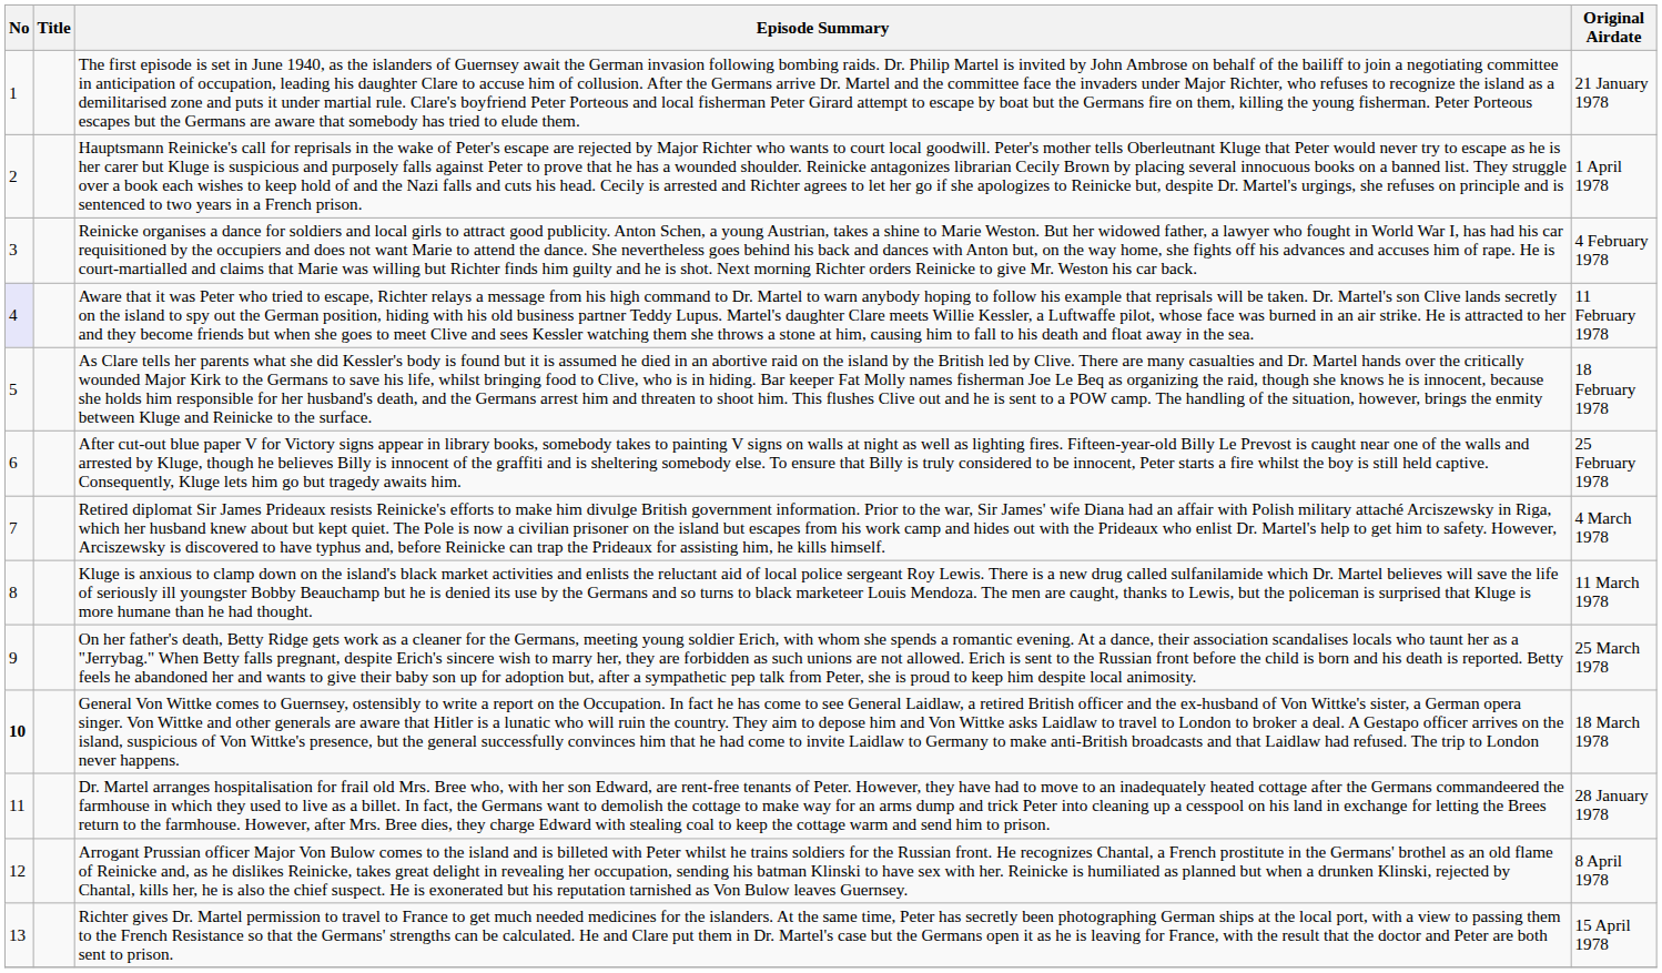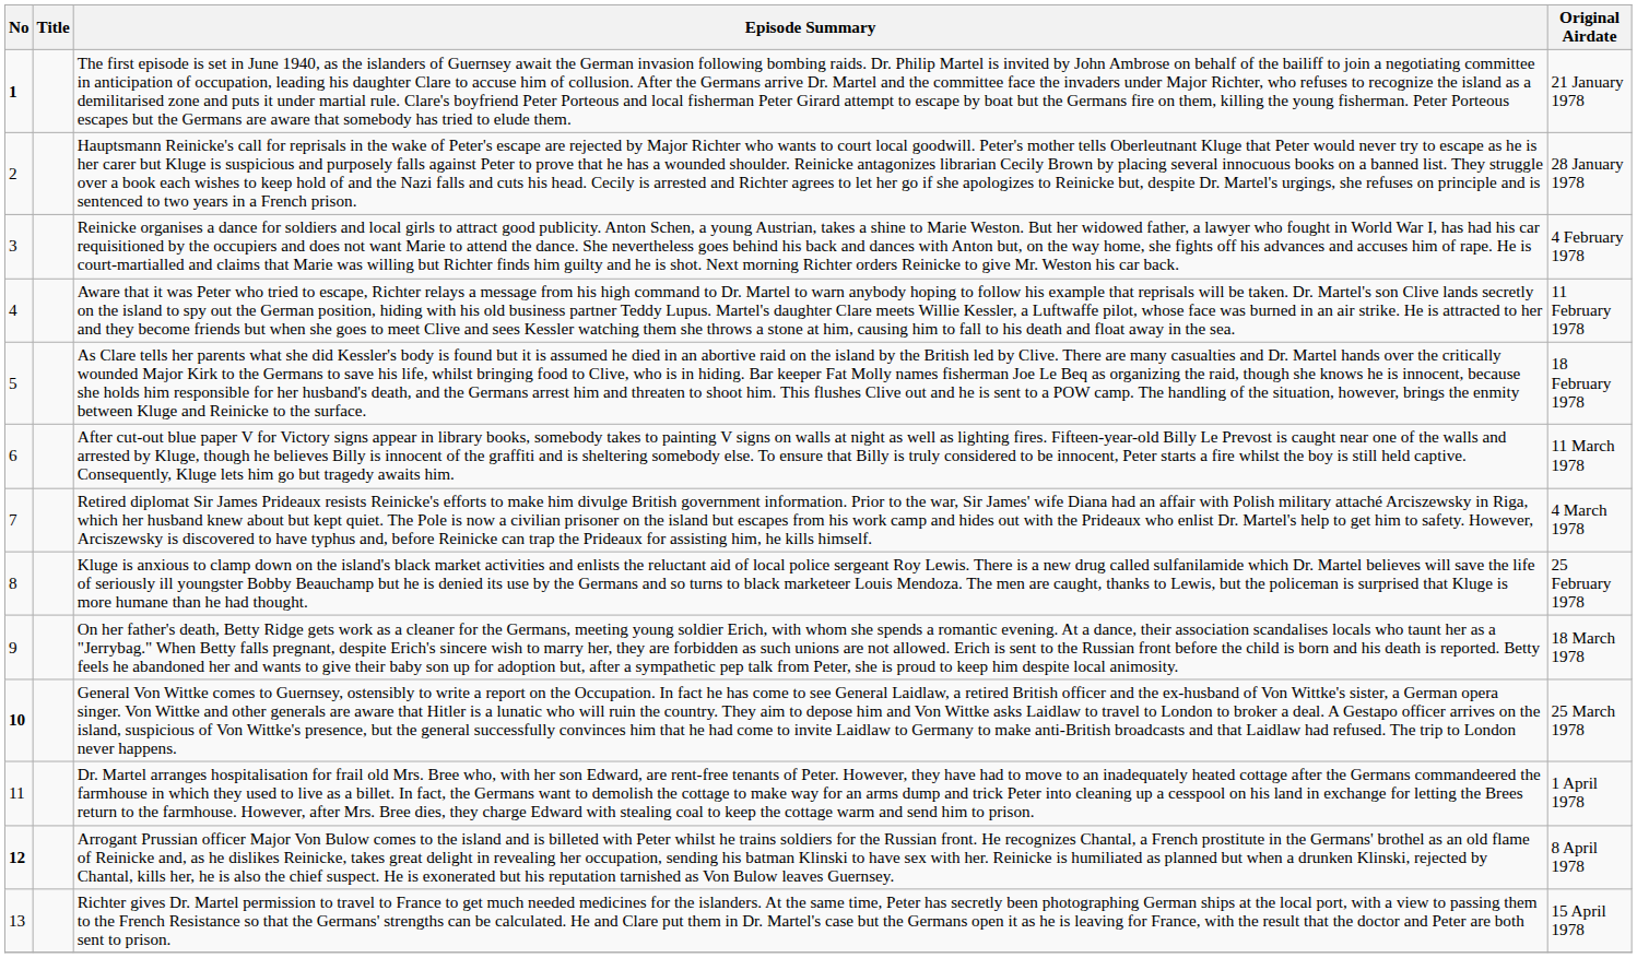 <table class="wikitable">
 <tr>
 <th>No</th>
 <th>Title</th>
 <th>Episode Summary</th>
 <th>Original Airdate</th>
 </tr>
 <tr>
-<td>1</td>
+<td><strong>1</strong></td>
 <td></td>
 <td>The first episode is set in June 1940, as the islanders of Guernsey await the German invasion following bombing raids. Dr. Philip Martel is invited by John Ambrose on behalf of the bailiff to join a negotiating committee in anticipation of occupation, leading his daughter Clare to accuse him of collusion. After the Germans arrive Dr. Martel and the committee face the invaders under Major Richter, who refuses to recognize the island as a demilitarised zone and puts it under martial rule. Clare's boyfriend Peter Porteous and local fisherman Peter Girard attempt to escape by boat but the Germans fire on them, killing the young fisherman. Peter Porteous escapes but the Germans are aware that somebody has tried to elude them.</td>
 <td>21 January 1978</td>
 </tr>
 <tr>
 <td>2</td>
 <td></td>
 <td>Hauptsmann Reinicke's call for reprisals in the wake of Peter's escape are rejected by Major Richter who wants to court local goodwill. Peter's mother tells Oberleutnant Kluge that Peter would never try to escape as he is her carer but Kluge is suspicious and purposely falls against Peter to prove that he has a wounded shoulder. Reinicke antagonizes librarian Cecily Brown by placing several innocuous books on a banned list. They struggle over a book each wishes to keep hold of and the Nazi falls and cuts his head. Cecily is arrested and Richter agrees to let her go if she apologizes to Reinicke but, despite Dr. Martel's urgings, she refuses on principle and is sentenced to two years in a French prison.</td>
-<td>1 April 1978</td>
+<td>28 January 1978</td>
 </tr>
 <tr>
 <td>3</td>
 <td></td>
 <td>Reinicke organises a dance for soldiers and local girls to attract good publicity. Anton Schen, a young Austrian, takes a shine to Marie Weston. But her widowed father, a lawyer who fought in World War I, has had his car requisitioned by the occupiers and does not want Marie to attend the dance. She nevertheless goes behind his back and dances with Anton but, on the way home, she fights off his advances and accuses him of rape. He is court-martialled and claims that Marie was willing but Richter finds him guilty and he is shot. Next morning Richter orders Reinicke to give Mr. Weston his car back.</td>
 <td>4 February 1978</td>
 </tr>
 <tr>
-<td style="background: lavender;">4</td>
+<td>4</td>
 <td></td>
 <td>Aware that it was Peter who tried to escape, Richter relays a message from his high command to Dr. Martel to warn anybody hoping to follow his example that reprisals will be taken. Dr. Martel's son Clive lands secretly on the island to spy out the German position, hiding with his old business partner Teddy Lupus. Martel's daughter Clare meets Willie Kessler, a Luftwaffe pilot, whose face was burned in an air strike. He is attracted to her and they become friends but when she goes to meet Clive and sees Kessler watching them she throws a stone at him, causing him to fall to his death and float away in the sea.</td>
 <td>11 February 1978</td>
 </tr>
 <tr>
 <td>5</td>
 <td></td>
 <td>As Clare tells her parents what she did Kessler's body is found but it is assumed he died in an abortive raid on the island by the British led by Clive. There are many casualties and Dr. Martel hands over the critically wounded Major Kirk to the Germans to save his life, whilst bringing food to Clive, who is in hiding. Bar keeper Fat Molly names fisherman Joe Le Beq as organizing the raid, though she knows he is innocent, because she holds him responsible for her husband's death, and the Germans arrest him and threaten to shoot him. This flushes Clive out and he is sent to a POW camp. The handling of the situation, however, brings the enmity between Kluge and Reinicke to the surface.</td>
 <td>18 February 1978</td>
 </tr>
 <tr>
 <td>6</td>
 <td></td>
 <td>After cut-out blue paper V for Victory signs appear in library books, somebody takes to painting V signs on walls at night as well as lighting fires. Fifteen-year-old Billy Le Prevost is caught near one of the walls and arrested by Kluge, though he believes Billy is innocent of the graffiti and is sheltering somebody else. To ensure that Billy is truly considered to be innocent, Peter starts a fire whilst the boy is still held captive. Consequently, Kluge lets him go but tragedy awaits him.</td>
-<td>25 February 1978</td>
+<td>11 March 1978</td>
 </tr>
 <tr>
 <td>7</td>
 <td></td>
 <td>Retired diplomat Sir James Prideaux resists Reinicke's efforts to make him divulge British government information. Prior to the war, Sir James' wife Diana had an affair with Polish military attaché Arciszewsky in Riga, which her husband knew about but kept quiet. The Pole is now a civilian prisoner on the island but escapes from his work camp and hides out with the Prideaux who enlist Dr. Martel's help to get him to safety. However, Arciszewsky is discovered to have typhus and, before Reinicke can trap the Prideaux for assisting him, he kills himself.</td>
 <td>4 March 1978</td>
 </tr>
 <tr>
 <td>8</td>
 <td></td>
 <td>Kluge is anxious to clamp down on the island's black market activities and enlists the reluctant aid of local police sergeant Roy Lewis. There is a new drug called sulfanilamide which Dr. Martel believes will save the life of seriously ill youngster Bobby Beauchamp but he is denied its use by the Germans and so turns to black marketeer Louis Mendoza. The men are caught, thanks to Lewis, but the policeman is surprised that Kluge is more humane than he had thought.</td>
-<td>11 March 1978</td>
+<td>25 February 1978</td>
 </tr>
 <tr>
 <td>9</td>
 <td></td>
 <td>On her father's death, Betty Ridge gets work as a cleaner for the Germans, meeting young soldier Erich, with whom she spends a romantic evening. At a dance, their association scandalises locals who taunt her as a "Jerrybag." When Betty falls pregnant, despite Erich's sincere wish to marry her, they are forbidden as such unions are not allowed. Erich is sent to the Russian front before the child is born and his death is reported. Betty feels he abandoned her and wants to give their baby son up for adoption but, after a sympathetic pep talk from Peter, she is proud to keep him despite local animosity.</td>
-<td>25 March 1978</td>
+<td>18 March 1978</td>
 </tr>
 <tr>
 <td><strong>10</strong></td>
 <td></td>
 <td>General Von Wittke comes to Guernsey, ostensibly to write a report on the Occupation. In fact he has come to see General Laidlaw, a retired British officer and the ex-husband of Von Wittke's sister, a German opera singer. Von Wittke and other generals are aware that Hitler is a lunatic who will ruin the country. They aim to depose him and Von Wittke asks Laidlaw to travel to London to broker a deal. A Gestapo officer arrives on the island, suspicious of Von Wittke's presence, but the general successfully convinces him that he had come to invite Laidlaw to Germany to make anti-British broadcasts and that Laidlaw had refused. The trip to London never happens.</td>
-<td>18 March 1978</td>
+<td>25 March 1978</td>
 </tr>
 <tr>
 <td>11</td>
 <td></td>
 <td>Dr. Martel arranges hospitalisation for frail old Mrs. Bree who, with her son Edward, are rent-free tenants of Peter. However, they have had to move to an inadequately heated cottage after the Germans commandeered the farmhouse in which they used to live as a billet. In fact, the Germans want to demolish the cottage to make way for an arms dump and trick Peter into cleaning up a cesspool on his land in exchange for letting the Brees return to the farmhouse. However, after Mrs. Bree dies, they charge Edward with stealing coal to keep the cottage warm and send him to prison.</td>
-<td>28 January 1978</td>
+<td>1 April 1978</td>
 </tr>
 <tr>
-<td>12</td>
+<td><strong>12</strong></td>
 <td></td>
 <td>Arrogant Prussian officer Major Von Bulow comes to the island and is billeted with Peter whilst he trains soldiers for the Russian front. He recognizes Chantal, a French prostitute in the Germans' brothel as an old flame of Reinicke and, as he dislikes Reinicke, takes great delight in revealing her occupation, sending his batman Klinski to have sex with her. Reinicke is humiliated as planned but when a drunken Klinski, rejected by Chantal, kills her, he is also the chief suspect. He is exonerated but his reputation tarnished as Von Bulow leaves Guernsey.</td>
 <td>8 April 1978</td>
 </tr>
 <tr>
 <td>13</td>
 <td></td>
 <td>Richter gives Dr. Martel permission to travel to France to get much needed medicines for the islanders. At the same time, Peter has secretly been photographing German ships at the local port, with a view to passing them to the French Resistance so that the Germans' strengths can be calculated. He and Clare put them in Dr. Martel's case but the Germans open it as he is leaving for France, with the result that the doctor and Peter are both sent to prison.</td>
 <td>15 April 1978</td>
 </tr>
 <tr>
 </tr>
 </table>
